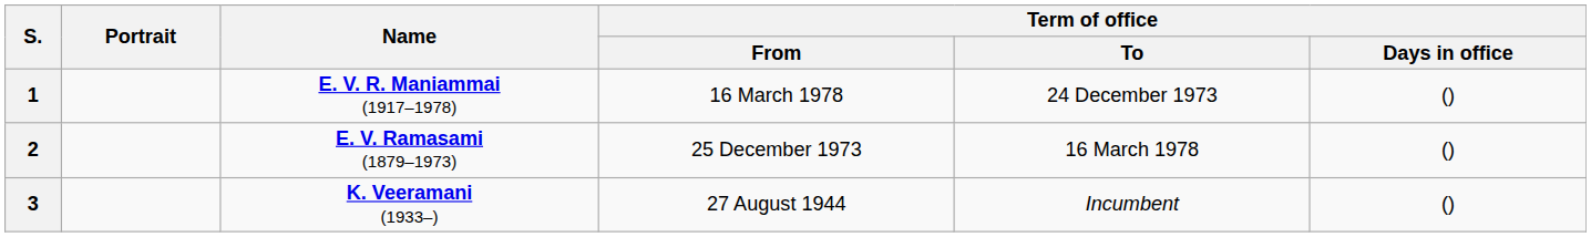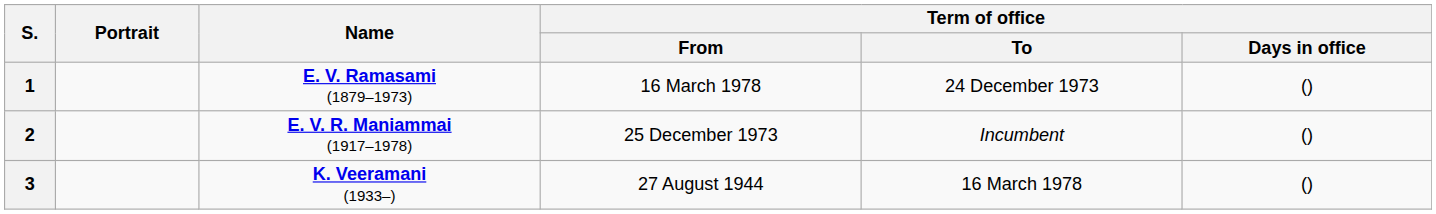 <table class="wikitable" style="width:100%; text-align:center">
 <tr>
 <th rowspan=2>S.</th>
 <th rowspan=2>Portrait</th>
 <th rowspan=2>Name<br><small></small></th>
 <th colspan=3>Term  of office</th>
 </tr>
 <tr>
 <th>From</th>
 <th>To</th>
 <th>Days in office</th>
 </tr>
 <tr>
 <th>1</th>
 <td></td>
-<td><strong><a href='#'>E. V. R. Maniammai</a></strong><br><small>(1917–1978)</small></td>
+<td><strong><a href='#'>E. V. Ramasami</a></strong><br><small>(1879–1973)</small></td>
 <td>16 March 1978</td>
 <td>24 December 1973</td>
 <td>()</td>
 </tr>
 <tr>
 <th>2</th>
 <td></td>
-<td><strong><a href='#'>E. V. Ramasami</a></strong><br><small>(1879–1973)</small></td>
+<td><strong><a href='#'>E. V. R. Maniammai</a></strong><br><small>(1917–1978)</small></td>
 <td>25 December 1973</td>
-<td>16 March 1978</td>
+<td><em>Incumbent</em></td>
 <td>()</td>
 </tr>
 <tr>
 <th>3</th>
 <td></td>
 <td><strong><a href='#'>K. Veeramani</a></strong><br><small>(1933–)</small></td>
 <td>27 August 1944</td>
-<td><em>Incumbent</em></td>
+<td>16 March 1978</td>
 <td>()</td>
 </tr>
 </table>
